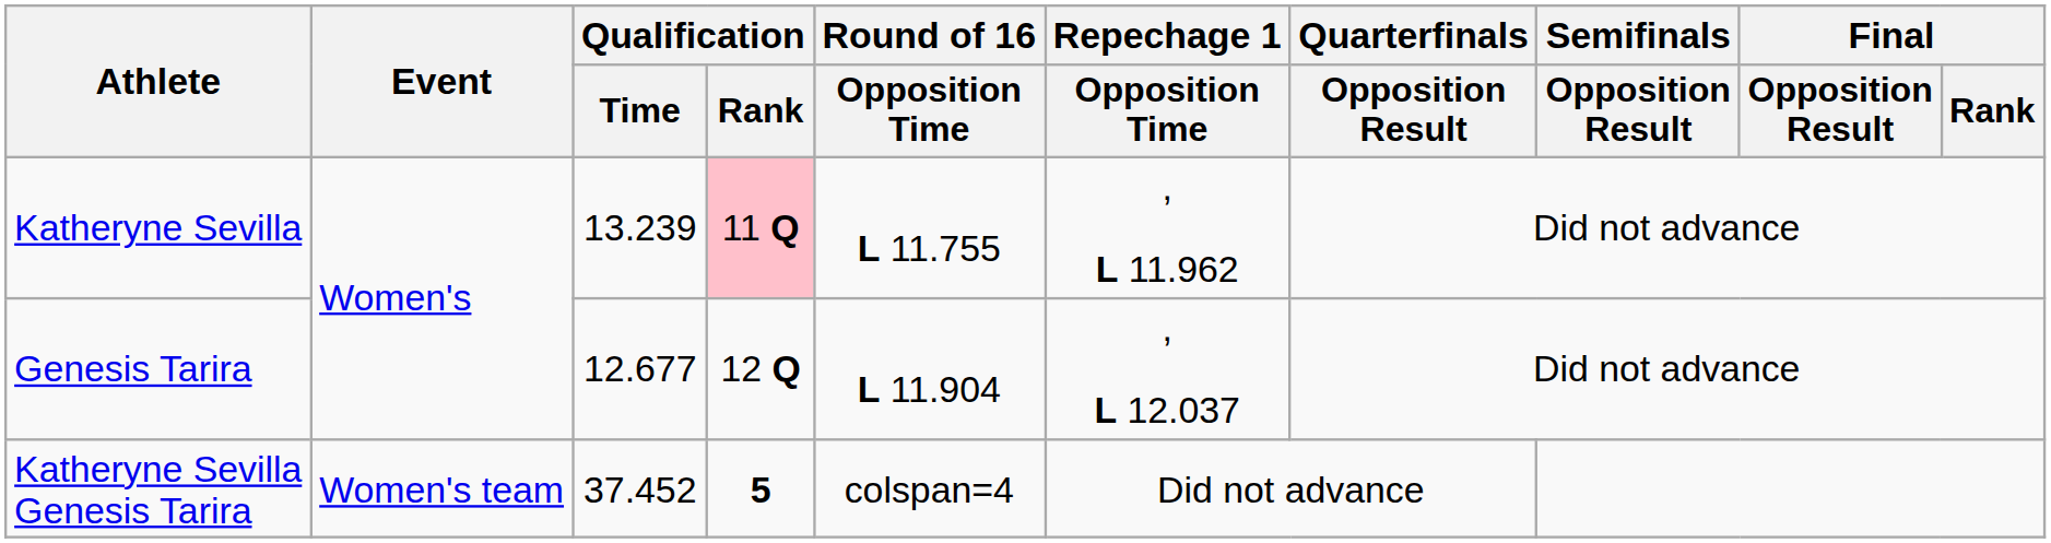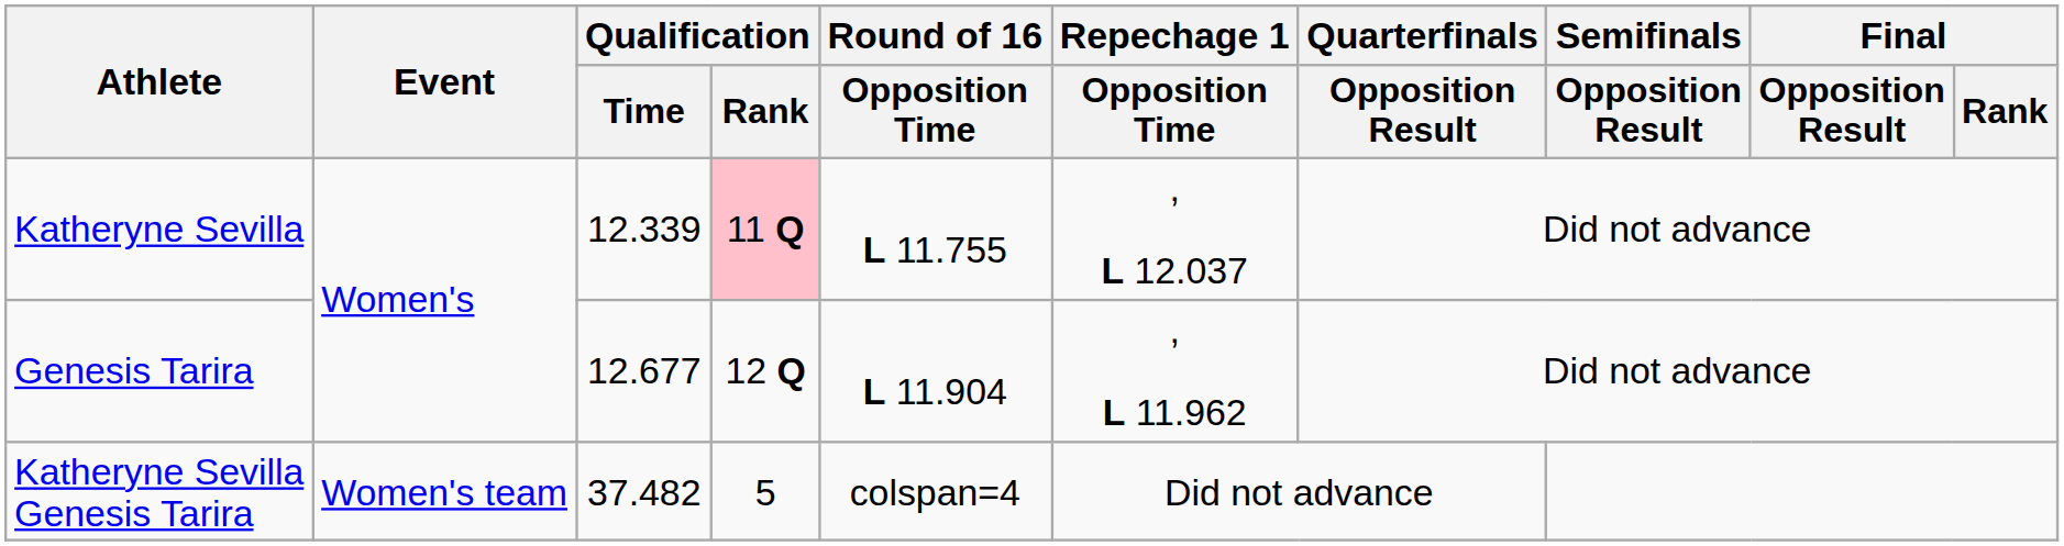 <table class=wikitable style="font-size:90%;">
 <tr>
 <th rowspan=2>Athlete</th>
 <th rowspan=2>Event</th>
 <th colspan=2>Qualification</th>
 <th>Round of 16</th>
 <th>Repechage 1</th>
 <th>Quarterfinals</th>
 <th>Semifinals</th>
 <th colspan=2>Final</th>
 </tr>
 <tr style="font-size:95%">
 <th>Time</th>
 <th>Rank</th>
 <th>Opposition<br>Time</th>
 <th>Opposition<br>Time</th>
 <th>Opposition<br>Result</th>
 <th>Opposition<br>Result</th>
 <th>Opposition<br>Result</th>
 <th>Rank</th>
 </tr>
 <tr align=center>
 <td align=left><a href='#'>Katheryne Sevilla</a></td>
 <td align=left rowspan=2><a href='#'>Women's</a></td>
-<td>13.239</td>
+<td>12.339</td>
 <td style="background: pink;">11 <strong>Q</strong></td>
 <td><br><strong>L</strong> 11.755</td>
-<td>,<br> <br><strong>L</strong> 11.962</td>
+<td>,<br> <br><strong>L</strong> 12.037</td>
 <td colspan=4>Did not advance</td>
 </tr>
 <tr align=center>
 <td align=left><a href='#'>Genesis Tarira</a></td>
 <td>12.677</td>
 <td>12 <strong>Q</strong></td>
 <td><br><strong>L</strong> 11.904</td>
-<td>,<br> <br><strong>L</strong> 12.037</td>
+<td>,<br> <br><strong>L</strong> 11.962</td>
 <td colspan=4>Did not advance</td>
 </tr>
 <tr align=center>
 <td align=left><a href='#'>Katheryne Sevilla</a><br><a href='#'>Genesis Tarira</a></td>
 <td align=left><a href='#'>Women's team</a></td>
-<td>37.452</td>
-<td><strong>5</strong></td>
+<td>37.482</td>
+<td>5</td>
 <td>colspan=4 </td>
 <td colspan=2>Did not advance</td>
 </tr>
 </table>
